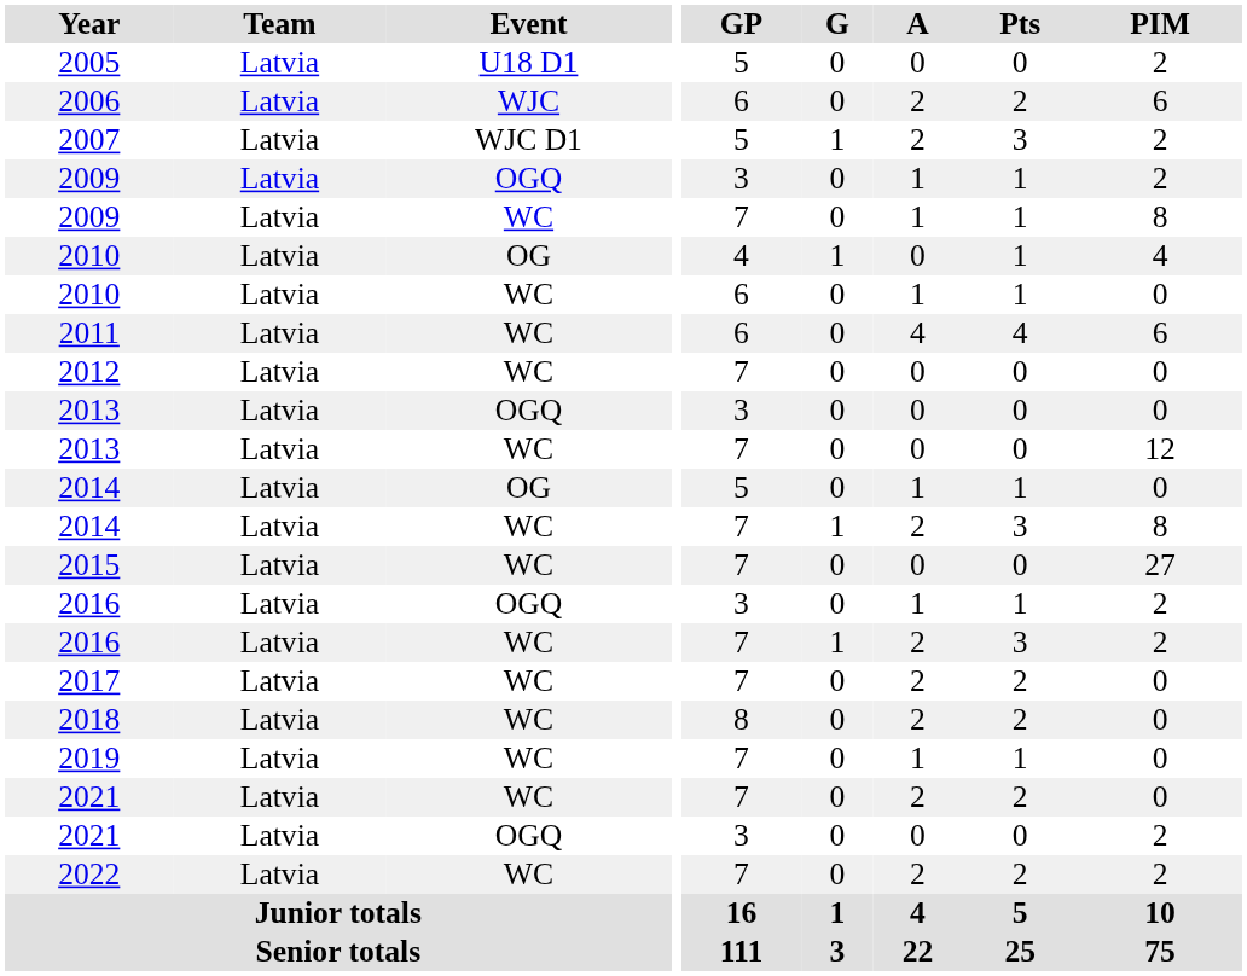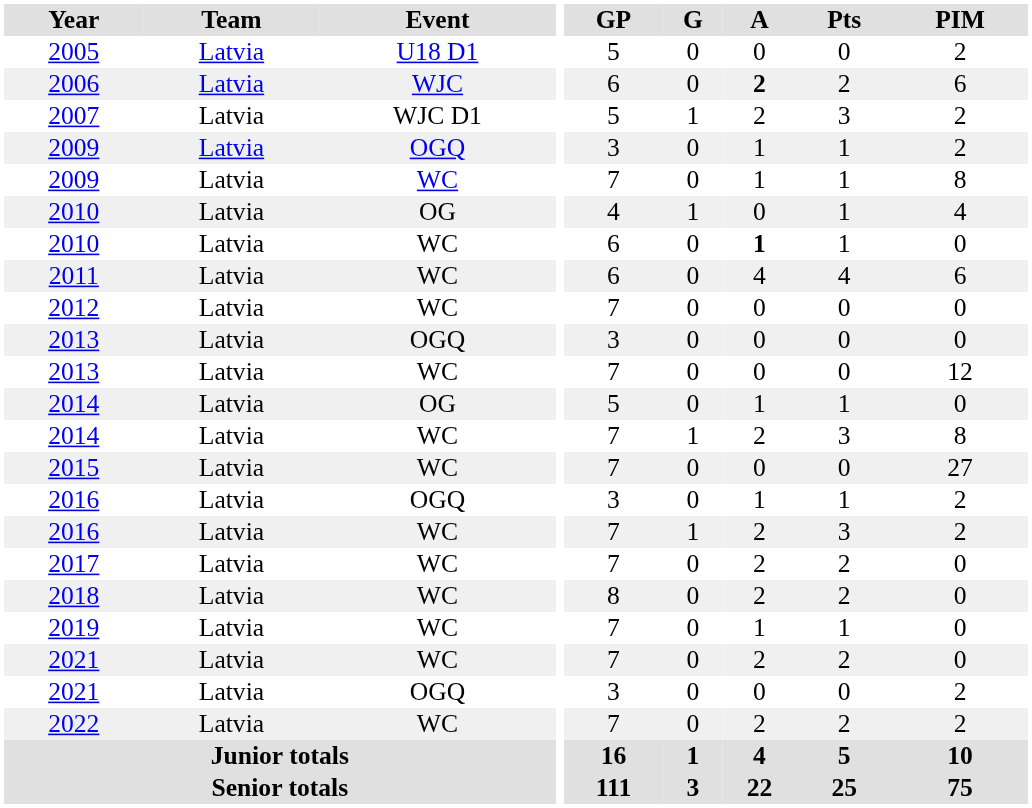 <table border="0" cellpadding="1" cellspacing="0" ID="Table3" style="text-align:center; width:40em">
 <tr ALIGN="center" bgcolor="#e0e0e0">
 <th>Year</th>
 <th>Team</th>
 <th>Event</th>
 <th rowspan="102" bgcolor="#ffffff"></th>
 <th>GP</th>
 <th>G</th>
 <th>A</th>
 <th>Pts</th>
 <th>PIM</th>
 </tr>
 <tr>
 <td><a href='#'>2005</a></td>
 <td><a href='#'>Latvia</a></td>
 <td><a href='#'>U18 D1</a></td>
 <td>5</td>
 <td>0</td>
 <td>0</td>
 <td>0</td>
 <td>2</td>
 </tr>
 <tr bgcolor="#f0f0f0">
 <td><a href='#'>2006</a></td>
 <td><a href='#'>Latvia</a></td>
 <td><a href='#'>WJC</a></td>
 <td>6</td>
 <td>0</td>
-<td>2</td>
+<td><strong>2</strong></td>
 <td>2</td>
 <td>6</td>
 </tr>
 <tr>
 <td><a href='#'>2007</a></td>
 <td>Latvia</td>
 <td>WJC D1</td>
 <td>5</td>
 <td>1</td>
 <td>2</td>
 <td>3</td>
 <td>2</td>
 </tr>
 <tr bgcolor="#f0f0f0">
 <td><a href='#'>2009</a></td>
 <td><a href='#'>Latvia</a></td>
 <td><a href='#'>OGQ</a></td>
 <td>3</td>
 <td>0</td>
 <td>1</td>
 <td>1</td>
 <td>2</td>
 </tr>
 <tr>
 <td><a href='#'>2009</a></td>
 <td>Latvia</td>
 <td><a href='#'>WC</a></td>
 <td>7</td>
 <td>0</td>
 <td>1</td>
 <td>1</td>
 <td>8</td>
 </tr>
 <tr bgcolor="#f0f0f0">
 <td><a href='#'>2010</a></td>
 <td>Latvia</td>
 <td>OG</td>
 <td>4</td>
 <td>1</td>
 <td>0</td>
 <td>1</td>
 <td>4</td>
 </tr>
 <tr>
 <td><a href='#'>2010</a></td>
 <td>Latvia</td>
 <td>WC</td>
 <td>6</td>
 <td>0</td>
-<td>1</td>
+<td><strong>1</strong></td>
 <td>1</td>
 <td>0</td>
 </tr>
 <tr bgcolor="#f0f0f0">
 <td><a href='#'>2011</a></td>
 <td>Latvia</td>
 <td>WC</td>
 <td>6</td>
 <td>0</td>
 <td>4</td>
 <td>4</td>
 <td>6</td>
 </tr>
 <tr>
 <td><a href='#'>2012</a></td>
 <td>Latvia</td>
 <td>WC</td>
 <td>7</td>
 <td>0</td>
 <td>0</td>
 <td>0</td>
 <td>0</td>
 </tr>
 <tr bgcolor="#f0f0f0">
 <td><a href='#'>2013</a></td>
 <td>Latvia</td>
 <td>OGQ</td>
 <td>3</td>
 <td>0</td>
 <td>0</td>
 <td>0</td>
 <td>0</td>
 </tr>
 <tr>
 <td><a href='#'>2013</a></td>
 <td>Latvia</td>
 <td>WC</td>
 <td>7</td>
 <td>0</td>
 <td>0</td>
 <td>0</td>
 <td>12</td>
 </tr>
 <tr bgcolor="#f0f0f0">
 <td><a href='#'>2014</a></td>
 <td>Latvia</td>
 <td>OG</td>
 <td>5</td>
 <td>0</td>
 <td>1</td>
 <td>1</td>
 <td>0</td>
 </tr>
 <tr>
 <td><a href='#'>2014</a></td>
 <td>Latvia</td>
 <td>WC</td>
 <td>7</td>
 <td>1</td>
 <td>2</td>
 <td>3</td>
 <td>8</td>
 </tr>
 <tr bgcolor="#f0f0f0">
 <td><a href='#'>2015</a></td>
 <td>Latvia</td>
 <td>WC</td>
 <td>7</td>
 <td>0</td>
 <td>0</td>
 <td>0</td>
 <td>27</td>
 </tr>
 <tr>
 <td><a href='#'>2016</a></td>
 <td>Latvia</td>
 <td>OGQ</td>
 <td>3</td>
 <td>0</td>
 <td>1</td>
 <td>1</td>
 <td>2</td>
 </tr>
 <tr bgcolor="#f0f0f0">
 <td><a href='#'>2016</a></td>
 <td>Latvia</td>
 <td>WC</td>
 <td>7</td>
 <td>1</td>
 <td>2</td>
 <td>3</td>
 <td>2</td>
 </tr>
 <tr>
 <td><a href='#'>2017</a></td>
 <td>Latvia</td>
 <td>WC</td>
 <td>7</td>
 <td>0</td>
 <td>2</td>
 <td>2</td>
 <td>0</td>
 </tr>
 <tr bgcolor="#f0f0f0">
 <td><a href='#'>2018</a></td>
 <td>Latvia</td>
 <td>WC</td>
 <td>8</td>
 <td>0</td>
 <td>2</td>
 <td>2</td>
 <td>0</td>
 </tr>
 <tr>
 <td><a href='#'>2019</a></td>
 <td>Latvia</td>
 <td>WC</td>
 <td>7</td>
 <td>0</td>
 <td>1</td>
 <td>1</td>
 <td>0</td>
 </tr>
 <tr bgcolor="#f0f0f0">
 <td><a href='#'>2021</a></td>
 <td>Latvia</td>
 <td>WC</td>
 <td>7</td>
 <td>0</td>
 <td>2</td>
 <td>2</td>
 <td>0</td>
 </tr>
 <tr>
 <td><a href='#'>2021</a></td>
 <td>Latvia</td>
 <td>OGQ</td>
 <td>3</td>
 <td>0</td>
 <td>0</td>
 <td>0</td>
 <td>2</td>
 </tr>
 <tr bgcolor="#f0f0f0">
 <td><a href='#'>2022</a></td>
 <td>Latvia</td>
 <td>WC</td>
 <td>7</td>
 <td>0</td>
 <td>2</td>
 <td>2</td>
 <td>2</td>
 </tr>
 <tr bgcolor="#e0e0e0">
 <th colspan="3">Junior totals</th>
 <th>16</th>
 <th>1</th>
 <th>4</th>
 <th>5</th>
 <th>10</th>
 </tr>
 <tr bgcolor="#e0e0e0">
 <th colspan="3">Senior totals</th>
 <th>111</th>
 <th>3</th>
 <th>22</th>
 <th>25</th>
 <th>75</th>
 </tr>
 </table>
